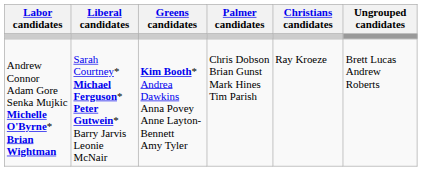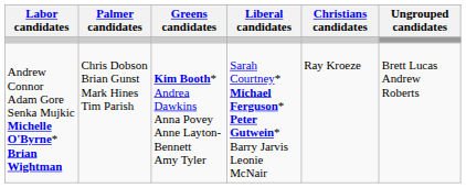 <table class="wikitable">
 <tr>
 <th><a href='#'>Labor</a> candidates</th>
+<th><a href='#'>Palmer</a> candidates</th>
+<th><a href='#'>Greens</a> candidates</th>
 <th><a href='#'>Liberal</a> candidates</th>
-<th><a href='#'>Greens</a> candidates</th>
-<th><a href='#'>Palmer</a> candidates</th>
 <th><a href='#'>Christians</a> candidates</th>
 <th>Ungrouped candidates</th>
 </tr>
 <tr bgcolor="#cccccc">
 <td></td>
 <td></td>
 <td></td>
 <td></td>
 <td></td>
 <td bgcolor="#999999"></td>
 </tr>
 <tr>
 <td><br>Andrew Connor<br> Adam Gore<br> Senka Mujkic<br> <strong><a href='#'>Michelle O'Byrne</a></strong>*<br> <strong><a href='#'>Brian Wightman</a></strong></td>
+<td valign=top><br>Chris Dobson<br> Brian Gunst<br> Mark Hines<br> Tim Parish</td>
+<td><br><strong><a href='#'>Kim Booth</a></strong>*<br> <a href='#'>Andrea Dawkins</a><br> Anna Povey<br> Anne Layton-Bennett<br> Amy Tyler</td>
 <td><br><a href='#'>Sarah Courtney</a>*<br> <strong><a href='#'>Michael Ferguson</a></strong>*<br> <strong><a href='#'>Peter Gutwein</a></strong>*<br> Barry Jarvis<br> Leonie McNair</td>
-<td><br><strong><a href='#'>Kim Booth</a></strong>*<br> <a href='#'>Andrea Dawkins</a><br> Anna Povey<br> Anne Layton-Bennett<br> Amy Tyler</td>
-<td valign=top><br>Chris Dobson<br> Brian Gunst<br> Mark Hines<br> Tim Parish</td>
 <td valign=top><br>Ray Kroeze</td>
 <td valign=top><br>Brett Lucas<br> Andrew Roberts</td>
 </tr>
 </table>
